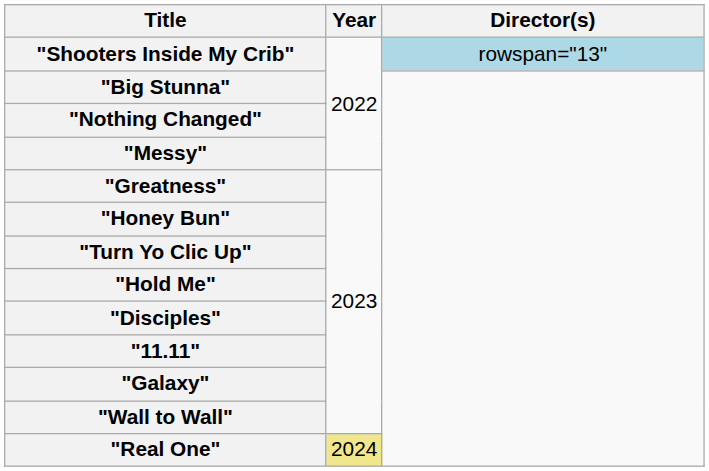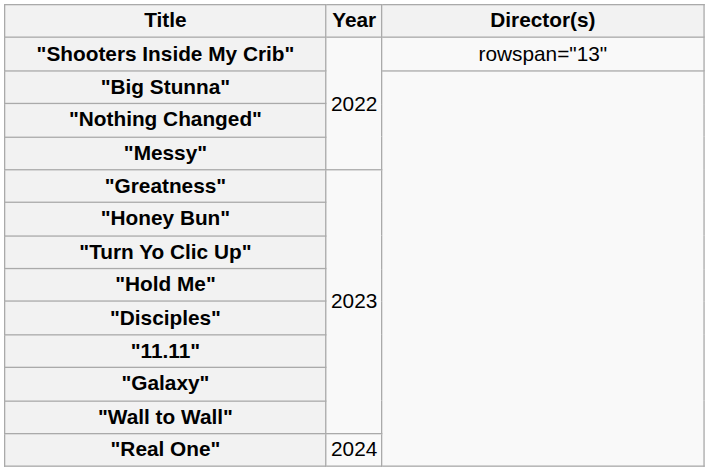 <table class="wikitable plainrowheaders" style="text-align:center;">
 <tr>
 <th scope="col" style="width:15em;">Title</th>
 <th scope="col" style="width:1em;">Year</th>
 <th scope="col" style="width:15em;">Director(s)</th>
 </tr>
 <tr>
 <th scope="row">"Shooters Inside My Crib"</th>
 <td rowspan="4">2022</td>
-<td style="background: lightblue;">rowspan="13" </td>
+<td>rowspan="13" </td>
 </tr>
 <tr>
 <th scope="row">"Big Stunna"<br></th>
 </tr>
 <tr>
 <th scope="row">"Nothing Changed"<br></th>
 </tr>
 <tr>
 <th scope="row">"Messy"<br></th>
 </tr>
 <tr>
 <th scope="row">"Greatness"</th>
 <td rowspan="8">2023</td>
 </tr>
 <tr>
 <th scope="row">"Honey Bun"</th>
 </tr>
 <tr>
 <th scope="row">"Turn Yo Clic Up"<br></th>
 </tr>
 <tr>
 <th scope="row">"Hold Me"</th>
 </tr>
 <tr>
 <th scope="row">"Disciples"</th>
 </tr>
 <tr>
 <th scope="row">"11.11"</th>
 </tr>
 <tr>
 <th scope="row">"Galaxy"</th>
 </tr>
 <tr>
 <th scope="row">"Wall to Wall"</th>
 </tr>
 <tr>
 <th scope="row">"Real One"<br></th>
-<td style="background: khaki;">2024</td>
+<td>2024</td>
 </tr>
 </table>
